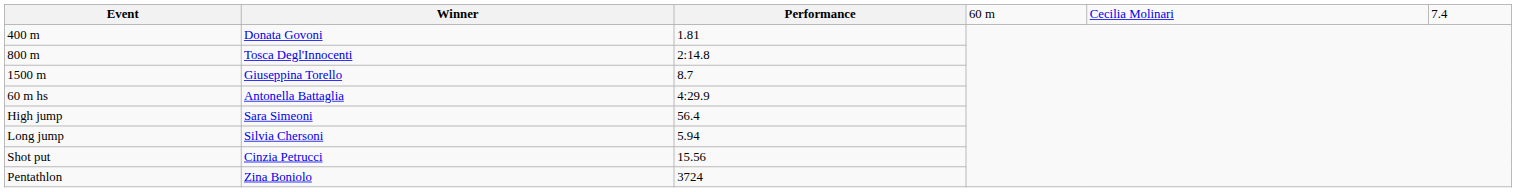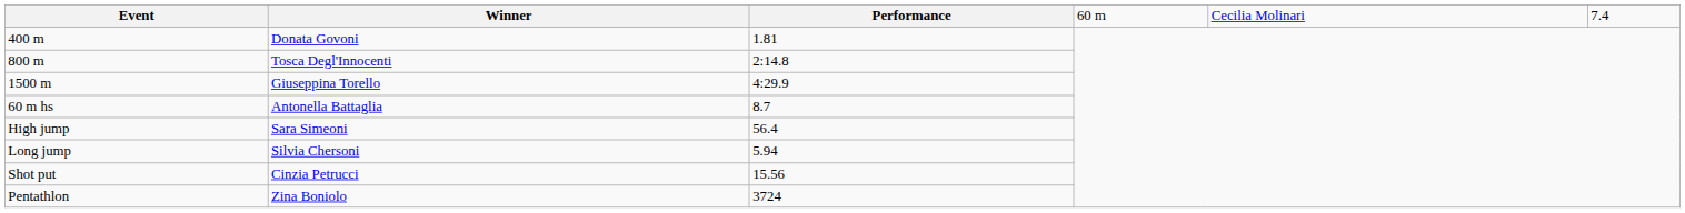 <table class="wikitable" width=95% style="font-size:100%; text-align:left;">
 <tr>
 <th>Event</th>
 <th>Winner</th>
 <th>Performance</th>
 <td>60 m</td>
 <td><a href='#'>Cecilia Molinari </a></td>
 <td>7.4</td>
 </tr>
 <tr>
 <td>400 m</td>
 <td><a href='#'>Donata Govoni </a></td>
 <td>1.81</td>
 </tr>
 <tr>
 <td>800 m</td>
 <td><a href='#'>Tosca Degl'Innocenti</a></td>
 <td>2:14.8</td>
 </tr>
 <tr>
 <td>1500 m</td>
 <td><a href='#'>Giuseppina Torello</a></td>
-<td>8.7</td>
+<td>4:29.9</td>
 </tr>
 <tr>
 <td>60 m hs</td>
 <td><a href='#'>Antonella Battaglia</a></td>
-<td>4:29.9</td>
+<td>8.7</td>
 </tr>
 <tr>
 <td>High jump</td>
 <td><a href='#'>Sara Simeoni</a></td>
 <td>56.4</td>
 </tr>
 <tr>
 <td>Long jump</td>
 <td><a href='#'>Silvia Chersoni</a></td>
 <td>5.94</td>
 </tr>
 <tr>
 <td>Shot put</td>
 <td><a href='#'>Cinzia Petrucci</a></td>
 <td>15.56</td>
 </tr>
 <tr>
 <td>Pentathlon</td>
 <td><a href='#'>Zina Boniolo</a></td>
 <td>3724</td>
 </tr>
 </table>
